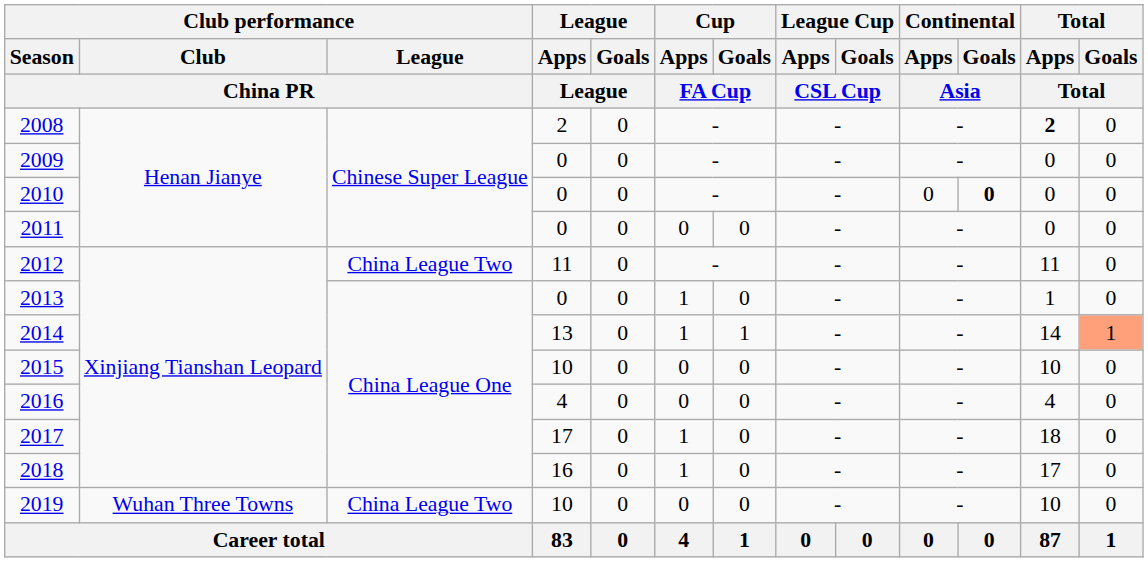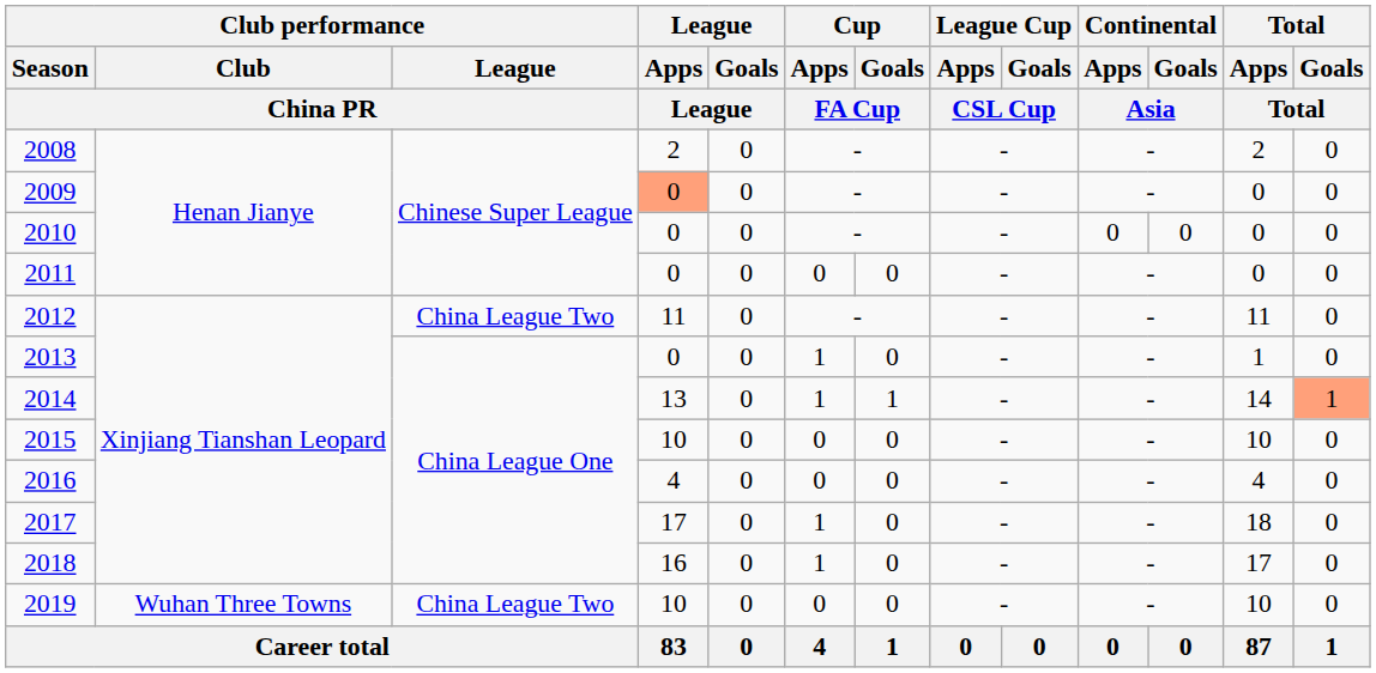 <table class="wikitable" style="text-align:center">
 <tr>
 <th colspan=3>Club performance</th>
 <th colspan=2>League</th>
 <th colspan=2>Cup</th>
 <th colspan=2>League Cup</th>
 <th colspan=2>Continental</th>
 <th colspan=2>Total</th>
 </tr>
 <tr>
 <th>Season</th>
 <th>Club</th>
 <th>League</th>
 <th>Apps</th>
 <th>Goals</th>
 <th>Apps</th>
 <th>Goals</th>
 <th>Apps</th>
 <th>Goals</th>
 <th>Apps</th>
 <th>Goals</th>
 <th>Apps</th>
 <th>Goals</th>
 </tr>
 <tr>
 <th colspan=3>China PR</th>
 <th colspan=2>League</th>
 <th colspan=2><a href='#'>FA Cup</a></th>
 <th colspan=2><a href='#'>CSL Cup</a></th>
 <th colspan=2><a href='#'>Asia</a></th>
 <th colspan=2>Total</th>
 </tr>
 <tr>
 <td><a href='#'>2008</a></td>
 <td rowspan="4"><a href='#'>Henan Jianye</a></td>
 <td rowspan="4"><a href='#'>Chinese Super League</a></td>
 <td>2</td>
 <td>0</td>
 <td colspan="2">-</td>
 <td colspan="2">-</td>
 <td colspan="2">-</td>
-<td><strong>2</strong></td>
+<td>2</td>
 <td>0</td>
 </tr>
 <tr>
 <td><a href='#'>2009</a></td>
-<td>0</td>
+<td style="background: lightsalmon;">0</td>
 <td>0</td>
 <td colspan="2">-</td>
 <td colspan="2">-</td>
 <td colspan="2">-</td>
 <td>0</td>
 <td>0</td>
 </tr>
 <tr>
 <td><a href='#'>2010</a></td>
 <td>0</td>
 <td>0</td>
 <td colspan="2">-</td>
 <td colspan="2">-</td>
 <td>0</td>
-<td><strong>0</strong></td>
+<td>0</td>
 <td>0</td>
 <td>0</td>
 </tr>
 <tr>
 <td><a href='#'>2011</a></td>
 <td>0</td>
 <td>0</td>
 <td>0</td>
 <td>0</td>
 <td colspan="2">-</td>
 <td colspan="2">-</td>
 <td>0</td>
 <td>0</td>
 </tr>
 <tr>
 <td><a href='#'>2012</a></td>
 <td rowspan="7"><a href='#'>Xinjiang Tianshan Leopard</a></td>
 <td rowspan="1"><a href='#'>China League Two</a></td>
 <td>11</td>
 <td>0</td>
 <td colspan="2">-</td>
 <td colspan="2">-</td>
 <td colspan="2">-</td>
 <td>11</td>
 <td>0</td>
 </tr>
 <tr>
 <td><a href='#'>2013</a></td>
 <td rowspan="6"><a href='#'>China League One</a></td>
 <td>0</td>
 <td>0</td>
 <td>1</td>
 <td>0</td>
 <td colspan="2">-</td>
 <td colspan="2">-</td>
 <td>1</td>
 <td>0</td>
 </tr>
 <tr>
 <td><a href='#'>2014</a></td>
 <td>13</td>
 <td>0</td>
 <td>1</td>
 <td>1</td>
 <td colspan="2">-</td>
 <td colspan="2">-</td>
 <td>14</td>
 <td style="background: lightsalmon;">1</td>
 </tr>
 <tr>
 <td><a href='#'>2015</a></td>
 <td>10</td>
 <td>0</td>
 <td>0</td>
 <td>0</td>
 <td colspan="2">-</td>
 <td colspan="2">-</td>
 <td>10</td>
 <td>0</td>
 </tr>
 <tr>
 <td><a href='#'>2016</a></td>
 <td>4</td>
 <td>0</td>
 <td>0</td>
 <td>0</td>
 <td colspan="2">-</td>
 <td colspan="2">-</td>
 <td>4</td>
 <td>0</td>
 </tr>
 <tr>
 <td><a href='#'>2017</a></td>
 <td>17</td>
 <td>0</td>
 <td>1</td>
 <td>0</td>
 <td colspan="2">-</td>
 <td colspan="2">-</td>
 <td>18</td>
 <td>0</td>
 </tr>
 <tr>
 <td><a href='#'>2018</a></td>
 <td>16</td>
 <td>0</td>
 <td>1</td>
 <td>0</td>
 <td colspan="2">-</td>
 <td colspan="2">-</td>
 <td>17</td>
 <td>0</td>
 </tr>
 <tr>
 <td><a href='#'>2019</a></td>
 <td rowspan="1"><a href='#'>Wuhan Three Towns</a></td>
 <td rowspan="1"><a href='#'>China League Two</a></td>
 <td>10</td>
 <td>0</td>
 <td>0</td>
 <td>0</td>
 <td colspan="2">-</td>
 <td colspan="2">-</td>
 <td>10</td>
 <td>0</td>
 </tr>
 <tr>
 <th colspan=3>Career total</th>
 <th>83</th>
 <th>0</th>
 <th>4</th>
 <th>1</th>
 <th>0</th>
 <th>0</th>
 <th>0</th>
 <th>0</th>
 <th>87</th>
 <th>1</th>
 </tr>
 </table>
